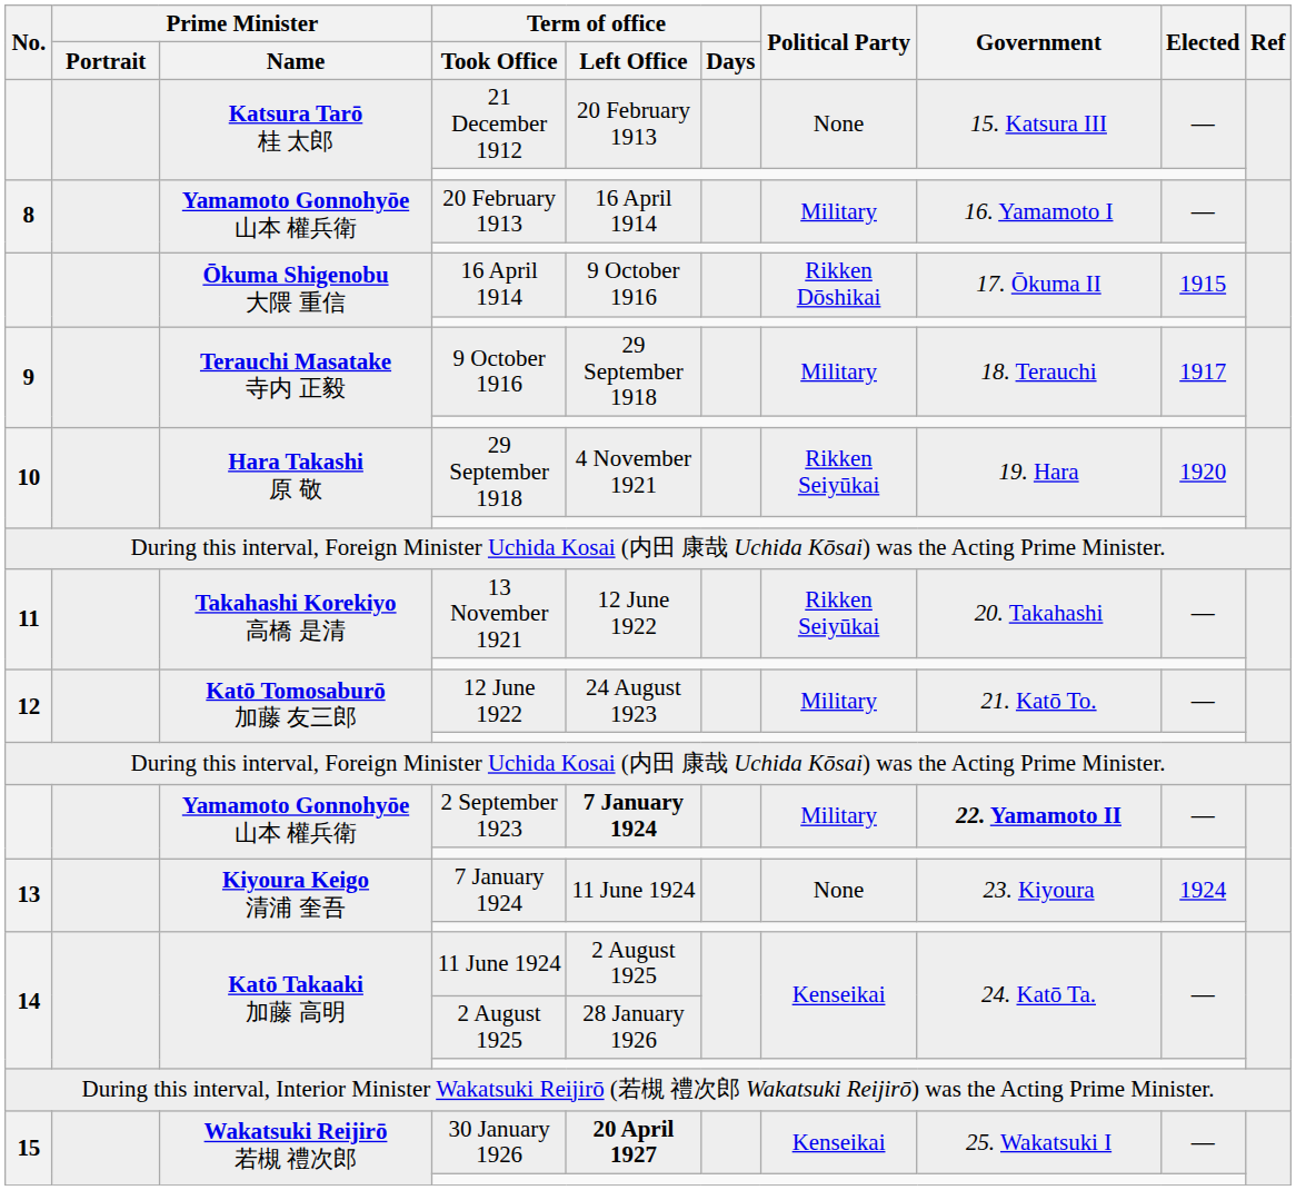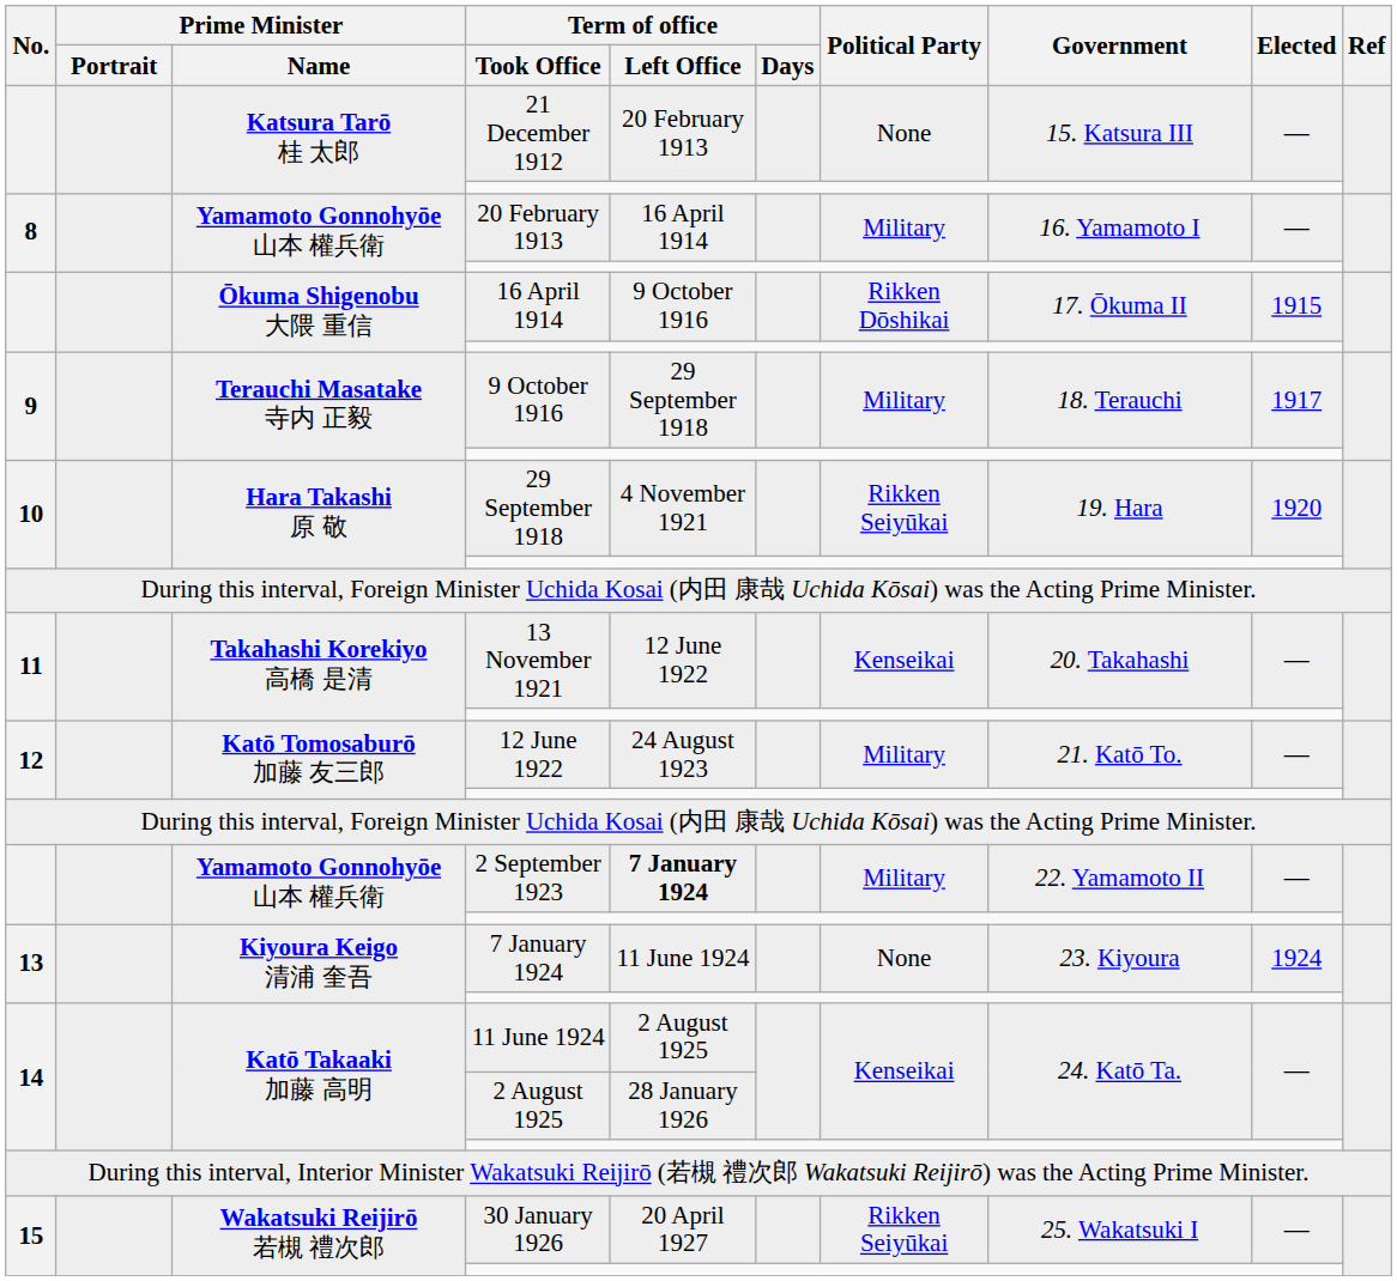 <table class="wikitable"  style="text-align:center; width:100%;">
 <tr>
 <th rowspan=2 style="width:25px;">No.</th>
 <th colspan=2 style="width:280px;">Prime Minister</th>
 <th colspan=3>Term of office</th>
 <th style="width:100px;" rowspan="2">Political Party</th>
 <th style="width:160px;" rowspan="2">Government</th>
 <th rowspan=2>Elected</th>
 <th rowspan=2 style="width:20px;">Ref</th>
 </tr>
 <tr>
 <th>Portrait</th>
 <th style="width:180px;">Name</th>
 <th>Took Office</th>
 <th>Left Office</th>
 <th>Days</th>
 </tr>
 <tr style="background:#eee;">
 <th rowspan=2 style="background:"></th>
 <td rowspan=2></td>
 <td rowspan=2><strong><a href='#'>Katsura Tarō</a></strong><br><span><span>桂 太郎</span></span><br></td>
 <td>21 December 1912</td>
 <td>20 February 1913</td>
 <td></td>
 <td style="background:">None </td>
 <td><em>15.</em> <a href='#'>Katsura III</a></td>
 <td>—</td>
 <td rowspan=2></td>
 </tr>
 <tr>
 <td colspan="6" style="text-align:left;"></td>
 </tr>
 <tr style="background:#eee;">
 <th rowspan=2 style="background:">8</th>
 <td rowspan=2></td>
 <td rowspan=2><strong><a href='#'>Yamamoto Gonnohyōe</a></strong><br><span><span>山本 權兵衛</span></span><br></td>
 <td>20 February 1913</td>
 <td>16 April 1914</td>
 <td></td>
 <td style="background:"><a href='#'>Military</a> </td>
 <td><em>16.</em> <a href='#'>Yamamoto I</a></td>
 <td>—</td>
 <td rowspan=2></td>
 </tr>
 <tr>
 <td colspan="6" style="text-align:left;"></td>
 </tr>
 <tr style="background:#eee;">
 <th rowspan=2 style="background:"></th>
 <td rowspan=2></td>
 <td rowspan=2><strong><a href='#'>Ōkuma Shigenobu</a></strong><br><span><span>大隈 重信</span></span><br></td>
 <td>16 April 1914</td>
 <td>9 October 1916</td>
 <td></td>
 <td style="background:"><a href='#'>Rikken Dōshikai</a></td>
 <td><em>17.</em> <a href='#'>Ōkuma II</a></td>
 <td><a href='#'>1915</a></td>
 <td rowspan=2></td>
 </tr>
 <tr>
 <td colspan="6" style="text-align:left;"></td>
 </tr>
 <tr style="background:#eee;">
 <th rowspan=2 style="background:">9</th>
 <td rowspan=2></td>
 <td rowspan=2><strong><a href='#'>Terauchi Masatake</a></strong><br><span><span>寺内 正毅</span></span><br></td>
 <td>9 October 1916</td>
 <td>29 September 1918</td>
 <td></td>
 <td style="background:"><a href='#'>Military</a> </td>
 <td><em>18.</em> <a href='#'>Terauchi</a></td>
 <td><a href='#'>1917</a></td>
 <td rowspan=2></td>
 </tr>
 <tr>
 <td colspan="6" style="text-align:left;"></td>
 </tr>
 <tr style="background:#eee;">
 <th rowspan=2 style="background:">10</th>
 <td rowspan=2></td>
 <td rowspan=2><strong><a href='#'>Hara Takashi</a></strong><br><span><span>原 敬</span></span><br></td>
 <td>29 September 1918</td>
 <td>4 November 1921</td>
 <td></td>
 <td style="background:"><a href='#'>Rikken Seiyūkai</a></td>
 <td><em>19.</em> <a href='#'>Hara</a></td>
 <td><a href='#'>1920</a></td>
 <td rowspan=2></td>
 </tr>
 <tr>
 <td colspan="6" style="text-align:left;"></td>
 </tr>
 <tr style="background:#eee;">
 <td colspan=10>During this interval, Foreign Minister <a href='#'>Uchida Kosai</a> (<span><span>内田 康哉</span></span> <em>Uchida Kōsai</em>) was the Acting Prime Minister.</td>
 </tr>
 <tr style="background:#eee;">
 <th rowspan=2 style="background:">11</th>
 <td rowspan=2></td>
 <td rowspan=2><strong><a href='#'>Takahashi Korekiyo</a></strong><br><span><span>高橋 是清</span></span><br></td>
 <td>13 November 1921</td>
 <td>12 June 1922</td>
 <td></td>
-<td style="background:"><a href='#'>Rikken Seiyūkai</a></td>
+<td style="background:"><a href='#'>Kenseikai</a></td>
 <td><em>20.</em> <a href='#'>Takahashi</a></td>
 <td>—</td>
 <td rowspan=2></td>
 </tr>
 <tr>
 <td colspan="6" style="text-align:left;"></td>
 </tr>
 <tr style="background:#eee;">
 <th rowspan=2 style="background:">12</th>
 <td rowspan=2></td>
 <td rowspan=2><strong><a href='#'>Katō Tomosaburō</a></strong><br><span><span>加藤 友三郎</span></span><br></td>
 <td>12 June 1922</td>
 <td>24 August 1923</td>
 <td></td>
 <td style="background:"><a href='#'>Military</a> </td>
 <td><em>21.</em> <a href='#'>Katō To.</a></td>
 <td>—</td>
 <td rowspan=2></td>
 </tr>
 <tr>
 <td colspan="6" style="text-align:left;"></td>
 </tr>
 <tr style="background:#eee;">
 <td colspan=10>During this interval, Foreign Minister <a href='#'>Uchida Kosai</a> (<span><span>内田 康哉</span></span> <em>Uchida Kōsai</em>) was the Acting Prime Minister.</td>
 </tr>
 <tr style="background:#eee;">
 <th rowspan=2 style="background:"></th>
 <td rowspan=2></td>
 <td rowspan=2><strong><a href='#'>Yamamoto Gonnohyōe</a></strong><br><span><span>山本 權兵衛</span></span><br></td>
 <td>2 September 1923</td>
 <td><strong>7 January 1924</strong></td>
 <td></td>
 <td style="background:"><a href='#'>Military</a> </td>
-<td><strong><em>22.</em> <a href='#'>Yamamoto II</a></strong></td>
+<td><em>22.</em> <a href='#'>Yamamoto II</a></td>
 <td>—</td>
 <td rowspan=2></td>
 </tr>
 <tr>
 <td colspan="6" style="text-align:left;"></td>
 </tr>
 <tr style="background:#eee;">
 <th rowspan=2 style="background:">13</th>
 <td rowspan=2></td>
 <td rowspan=2><strong><a href='#'>Kiyoura Keigo</a></strong><br><span><span>清浦 奎吾</span></span><br></td>
 <td>7 January 1924</td>
 <td>11 June 1924</td>
 <td></td>
 <td style="background:">None</td>
 <td><em>23.</em> <a href='#'>Kiyoura</a></td>
 <td><a href='#'>1924</a></td>
 <td rowspan=2></td>
 </tr>
 <tr>
 <td colspan="6" style="text-align:left;"></td>
 </tr>
 <tr style="background:#eee;">
 <th rowspan=3 style="background:">14</th>
 <td rowspan=3></td>
 <td rowspan=3><strong><a href='#'>Katō Takaaki</a></strong><br><span><span>加藤 高明</span></span><br></td>
 <td>11 June 1924</td>
 <td>2 August 1925</td>
 <td rowspan=2></td>
 <td rowspan=2 style="background:"><a href='#'>Kenseikai</a></td>
 <td rowspan=2><em>24.</em> <a href='#'>Katō Ta.</a></td>
 <td rowspan=2>—</td>
 <td rowspan=3></td>
 </tr>
 <tr style="background:#eee;">
 <td>2 August 1925</td>
 <td>28 January 1926</td>
 </tr>
 <tr>
 <td colspan="6" style="text-align:left;"></td>
 </tr>
 <tr style="background:#eee;">
 <td colspan=10>During this interval, Interior Minister <a href='#'>Wakatsuki Reijirō</a> (<span><span>若槻 禮次郎</span></span> <em>Wakatsuki Reijirō</em>) was the Acting Prime Minister.</td>
 </tr>
 <tr style="background:#eee;">
 <th rowspan=2 style="background:">15</th>
 <td rowspan=2></td>
 <td rowspan=2><strong><a href='#'>Wakatsuki Reijirō</a></strong><br><span><span>若槻 禮次郎</span></span><br></td>
 <td>30 January 1926</td>
-<td><strong>20 April 1927</strong></td>
+<td>20 April 1927</td>
 <td></td>
-<td style="background:"><a href='#'>Kenseikai</a></td>
+<td style="background:"><a href='#'>Rikken Seiyūkai</a></td>
 <td><em>25.</em> <a href='#'>Wakatsuki I</a></td>
 <td>—</td>
 <td rowspan=2></td>
 </tr>
 <tr>
 <td colspan="6" style="text-align:left;"></td>
 </tr>
 </table>
